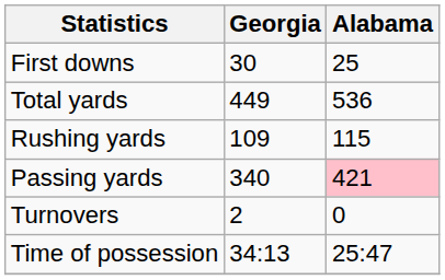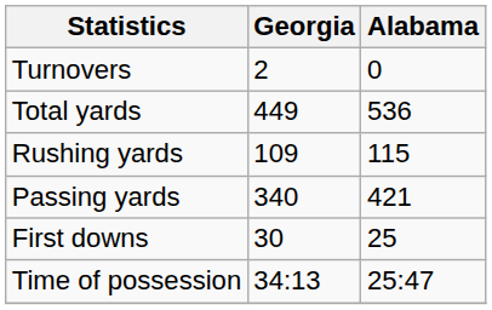 <table class="wikitable" style="float: left;">
 <tr>
 <th>Statistics</th>
 <th>Georgia</th>
 <th>Alabama</th>
 </tr>
 <tr>
-<td>First downs</td>
-<td>30</td>
-<td>25</td>
+<td>Turnovers</td>
+<td>2</td>
+<td>0</td>
 </tr>
 <tr>
 <td>Total yards</td>
 <td>449</td>
 <td>536</td>
 </tr>
 <tr>
 <td>Rushing yards</td>
 <td>109</td>
 <td>115</td>
 </tr>
 <tr>
 <td>Passing yards</td>
 <td>340</td>
-<td style="background: pink;">421</td>
+<td>421</td>
 </tr>
 <tr>
-<td>Turnovers</td>
-<td>2</td>
-<td>0</td>
+<td>First downs</td>
+<td>30</td>
+<td>25</td>
 </tr>
 <tr>
 <td>Time of possession</td>
 <td>34:13</td>
 <td>25:47</td>
 </tr>
 <tr>
 </tr>
 </table>
